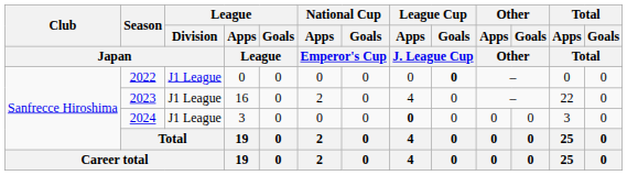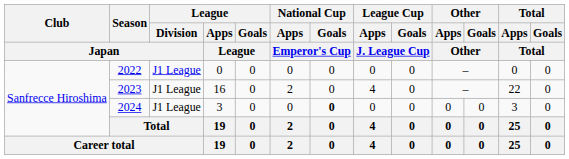 <table class="wikitable" style="text-align:center">
 <tr>
 <th rowspan=2>Club</th>
 <th rowspan=2>Season</th>
 <th colspan=3>League</th>
 <th colspan=2>National Cup</th>
 <th colspan=2>League Cup</th>
 <th colspan=2>Other</th>
 <th colspan=2>Total</th>
 </tr>
 <tr>
 <th>Division</th>
 <th>Apps</th>
 <th>Goals</th>
 <th>Apps</th>
 <th>Goals</th>
 <th>Apps</th>
 <th>Goals</th>
 <th>Apps</th>
 <th>Goals</th>
 <th>Apps</th>
 <th>Goals</th>
 </tr>
 <tr>
 <th colspan=3>Japan</th>
 <th colspan=2>League</th>
 <th colspan=2><a href='#'>Emperor's Cup</a></th>
 <th colspan=2><a href='#'>J. League Cup</a></th>
 <th colspan=2>Other</th>
 <th colspan=2>Total</th>
 </tr>
 <tr>
 <td rowspan="4"><a href='#'>Sanfrecce Hiroshima</a></td>
 <td><a href='#'>2022</a></td>
 <td><a href='#'>J1 League</a></td>
 <td>0</td>
 <td>0</td>
 <td>0</td>
 <td>0</td>
 <td>0</td>
-<td><strong>0</strong></td>
+<td>0</td>
 <td colspan="2">–</td>
 <td>0</td>
 <td>0</td>
 </tr>
 <tr>
 <td><a href='#'>2023</a></td>
 <td>J1 League</td>
 <td>16</td>
 <td>0</td>
 <td>2</td>
 <td>0</td>
 <td>4</td>
 <td>0</td>
 <td colspan="2">–</td>
 <td>22</td>
 <td>0</td>
 </tr>
 <tr>
 <td><a href='#'>2024</a></td>
 <td>J1 League</td>
 <td>3</td>
 <td>0</td>
 <td>0</td>
+<td><strong>0</strong></td>
 <td>0</td>
-<td><strong>0</strong></td>
 <td>0</td>
 <td>0</td>
 <td>0</td>
 <td>3</td>
 <td>0</td>
 </tr>
 <tr>
 <th colspan="2">Total</th>
 <th>19</th>
 <th>0</th>
 <th>2</th>
 <th>0</th>
 <th>4</th>
 <th>0</th>
 <th>0</th>
 <th>0</th>
 <th>25</th>
 <th>0</th>
 </tr>
 <tr>
 <th colspan=3>Career total</th>
 <th>19</th>
 <th>0</th>
 <th>2</th>
 <th>0</th>
 <th>4</th>
 <th>0</th>
 <th>0</th>
 <th>0</th>
 <th>25</th>
 <th>0</th>
 </tr>
 </table>
